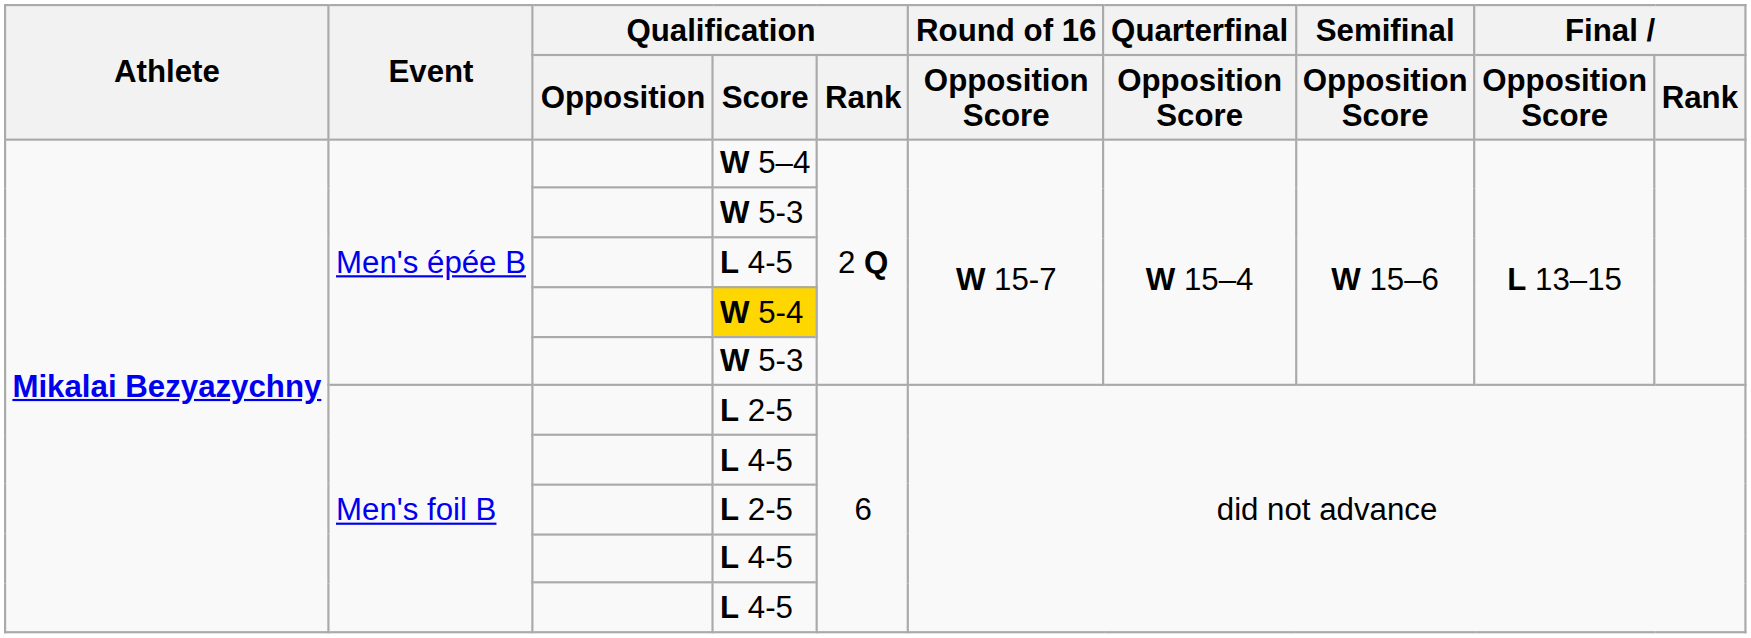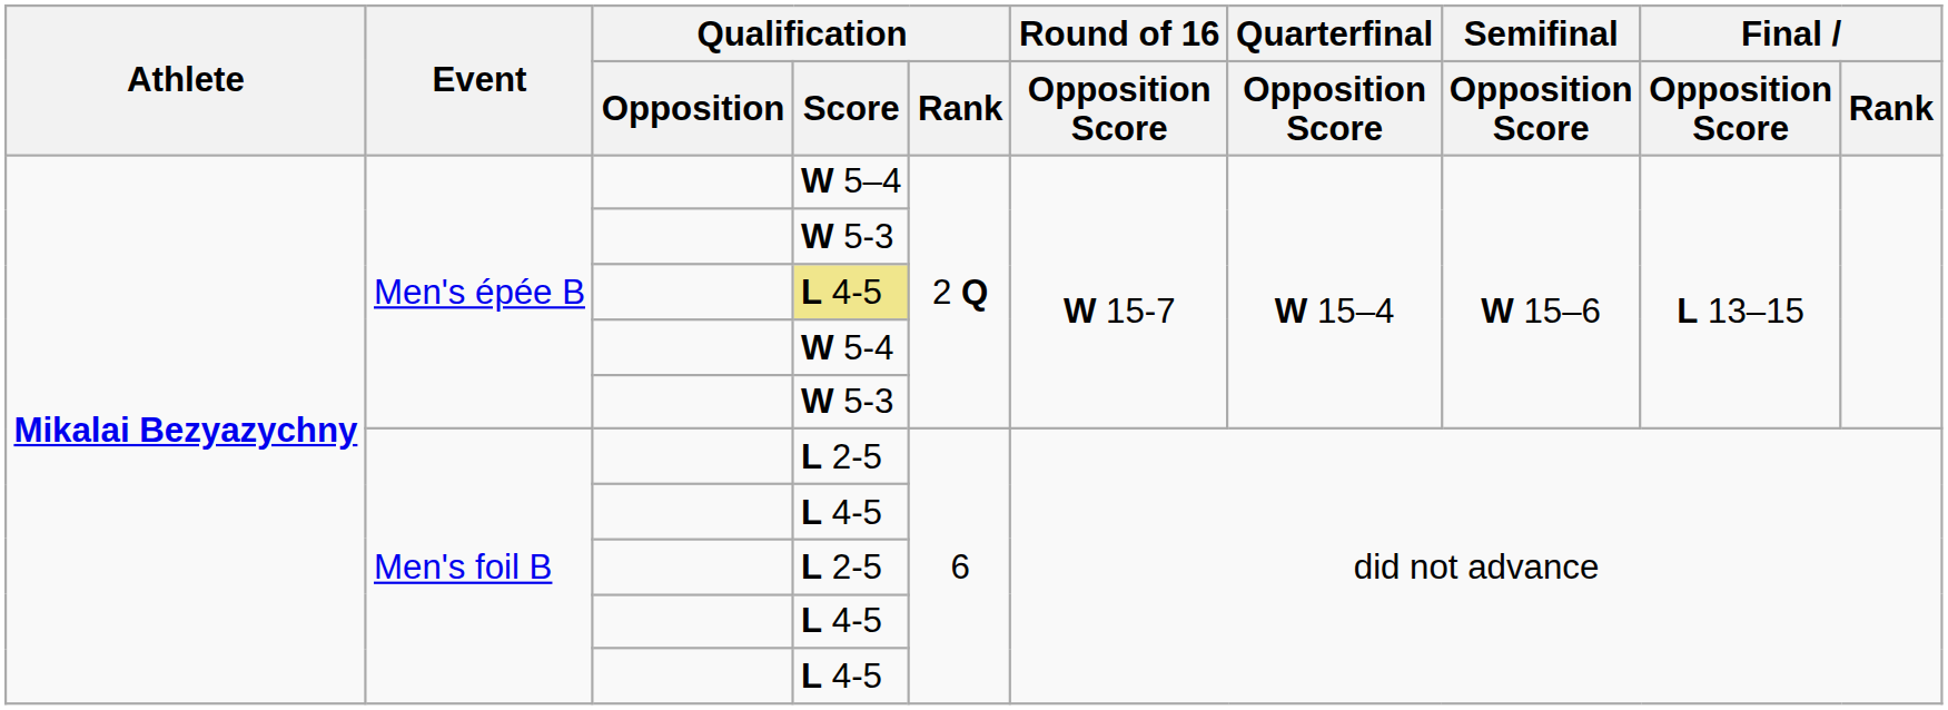 <table class=wikitable style="font-size:90%">
 <tr>
 <th rowspan="2">Athlete</th>
 <th rowspan="2">Event</th>
 <th colspan="3">Qualification</th>
 <th>Round of 16</th>
 <th>Quarterfinal</th>
 <th>Semifinal</th>
 <th colspan="2">Final / </th>
 </tr>
 <tr>
 <th>Opposition</th>
 <th>Score</th>
 <th>Rank</th>
 <th>Opposition<br>Score</th>
 <th>Opposition<br>Score</th>
 <th>Opposition<br>Score</th>
 <th>Opposition<br>Score</th>
 <th>Rank</th>
 </tr>
 <tr>
 <td rowspan=10><strong><a href='#'>Mikalai Bezyazychny</a></strong></td>
 <td rowspan=5><a href='#'>Men's épée B</a></td>
 <td></td>
 <td><strong>W</strong> 5–4</td>
 <td align="center" rowspan=5>2 <strong>Q</strong></td>
 <td align="center" rowspan=5><br><strong>W</strong> 15-7</td>
 <td align="center" rowspan=5><br><strong>W</strong> 15–4</td>
 <td align="center" rowspan=5><br><strong>W</strong> 15–6</td>
 <td align="center" rowspan=5><br><strong>L</strong> 13–15</td>
 <td align="center" rowspan=5></td>
 </tr>
 <tr>
 <td></td>
 <td><strong>W</strong> 5-3</td>
 </tr>
 <tr>
 <td></td>
-<td><strong>L</strong> 4-5</td>
+<td style="background: khaki;"><strong>L</strong> 4-5</td>
 </tr>
 <tr>
 <td></td>
-<td style="background: gold;"><strong>W</strong> 5-4</td>
+<td><strong>W</strong> 5-4</td>
 </tr>
 <tr>
 <td></td>
 <td><strong>W</strong> 5-3</td>
 </tr>
 <tr>
 <td rowspan=5><a href='#'>Men's foil B</a></td>
 <td></td>
 <td><strong>L</strong> 2-5</td>
 <td align="center" rowspan=5>6</td>
 <td align="center" rowspan=5 colspan=5>did not advance</td>
 </tr>
 <tr>
 <td></td>
 <td><strong>L</strong> 4-5</td>
 </tr>
 <tr>
 <td></td>
 <td><strong>L</strong> 2-5</td>
 </tr>
 <tr>
 <td></td>
 <td><strong>L</strong> 4-5</td>
 </tr>
 <tr>
 <td></td>
 <td><strong>L</strong> 4-5</td>
 </tr>
 </table>
